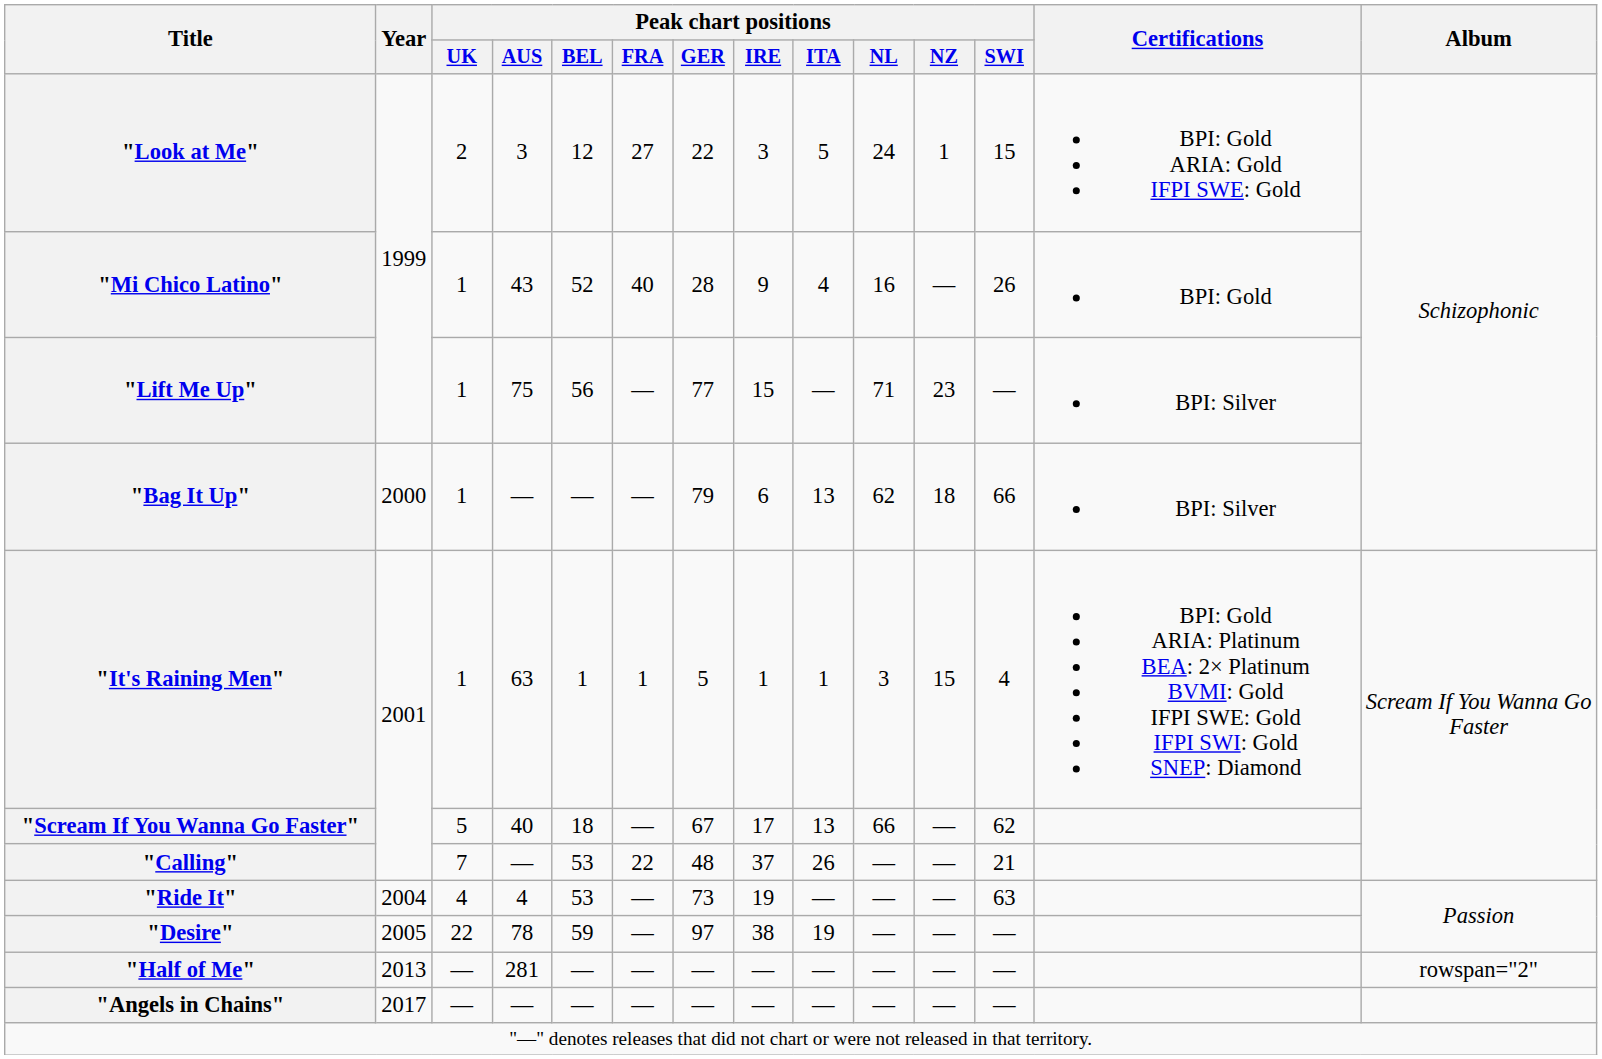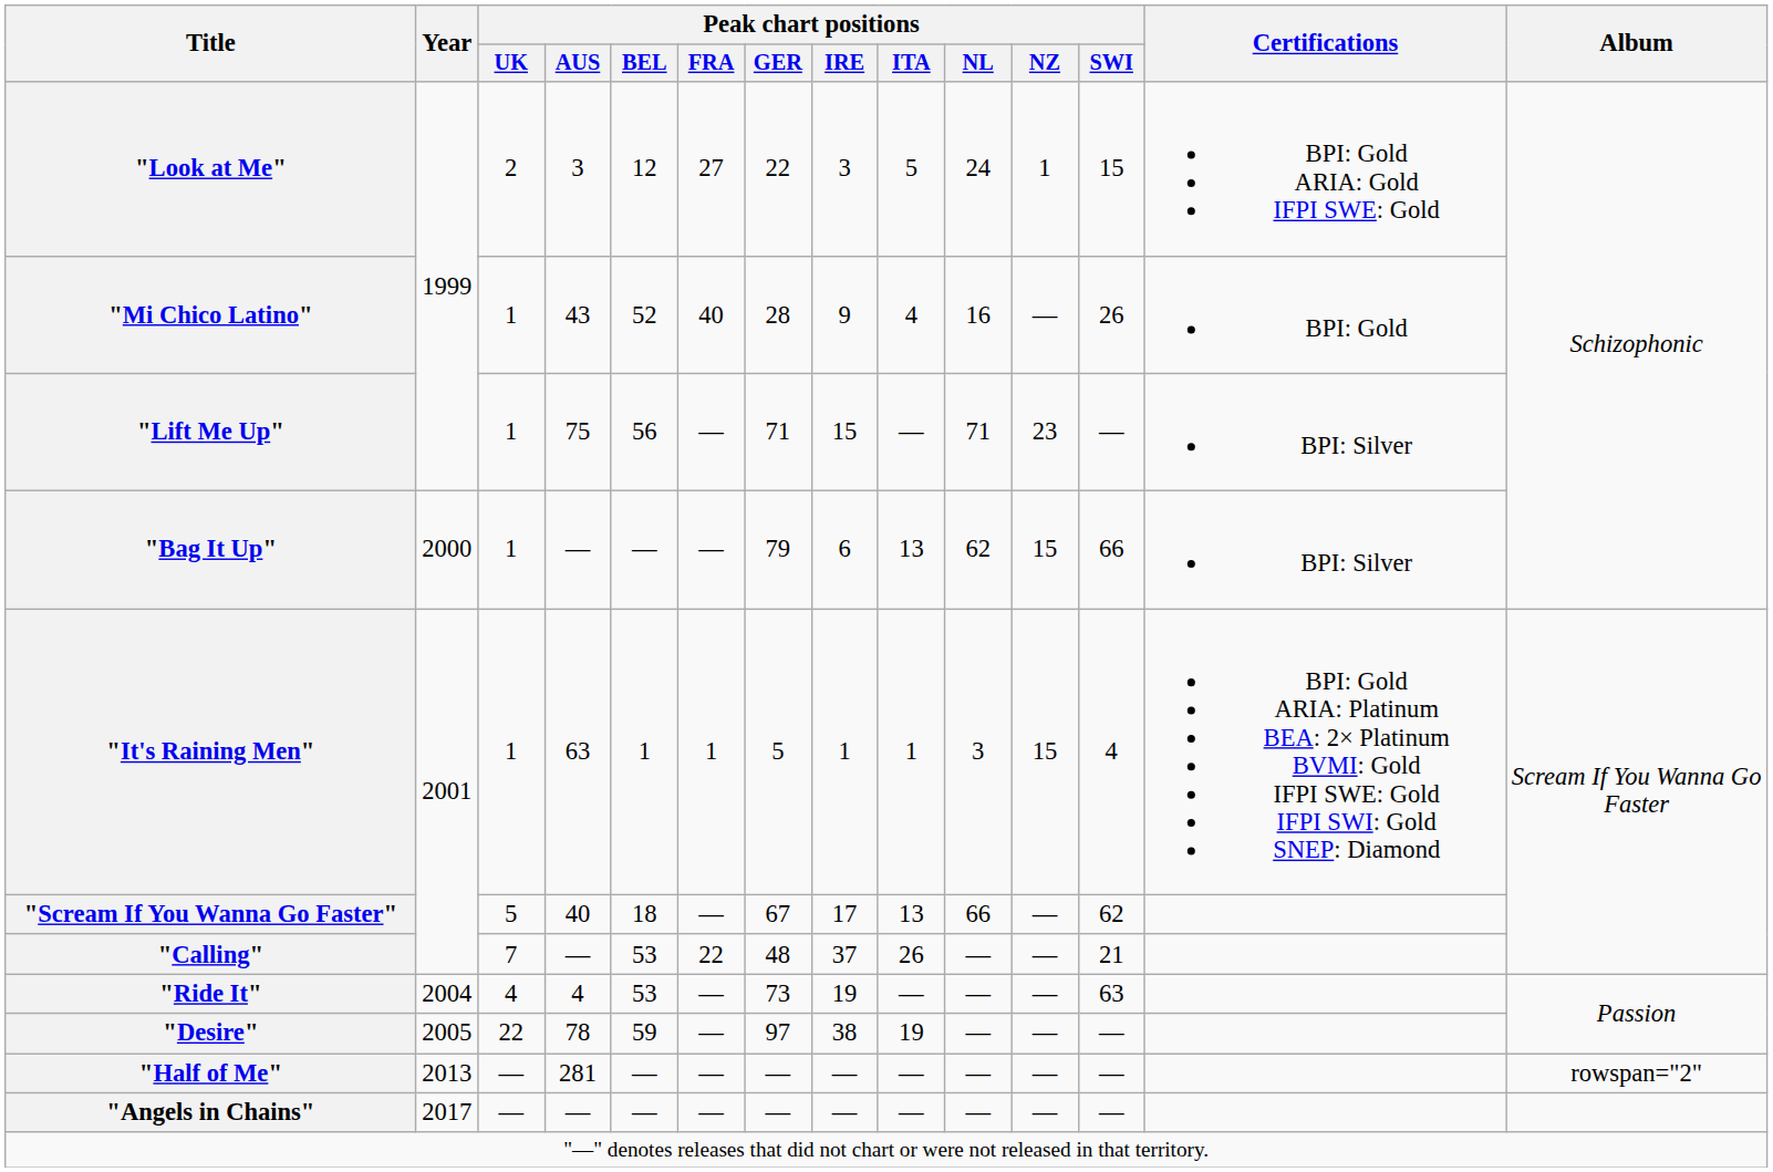 <table class="wikitable plainrowheaders" style="text-align:center;" border="1">
 <tr>
 <th scope="col" rowspan="2" style="width:16em;">Title</th>
 <th scope="col" rowspan="2" style="width:1em;">Year</th>
 <th scope="col" colspan="10">Peak chart positions</th>
 <th scope="col" rowspan="2" style="width:14em;"><a href='#'>Certifications</a></th>
 <th scope="col" rowspan="2" style="width:10em;">Album</th>
 </tr>
 <tr>
 <th scope="col" style="width:2.5em;font-size:90%;"><a href='#'>UK</a><br></th>
 <th scope="col" style="width:2.5em;font-size:90%;"><a href='#'>AUS</a><br></th>
 <th scope="col" style="width:2.5em;font-size:90%;"><a href='#'>BEL</a><br></th>
 <th scope="col" style="width:2.5em;font-size:90%;"><a href='#'>FRA</a><br></th>
 <th scope="col" style="width:2.5em;font-size:90%;"><a href='#'>GER</a><br></th>
 <th scope="col" style="width:2.5em;font-size:90%;"><a href='#'>IRE</a><br></th>
 <th scope="col" style="width:2.5em;font-size:90%;"><a href='#'>ITA</a><br></th>
 <th scope="col" style="width:2.5em;font-size:90%;"><a href='#'>NL</a><br></th>
 <th scope="col" style="width:2.5em;font-size:90%;"><a href='#'>NZ</a><br></th>
 <th scope="col" style="width:2.5em;font-size:90%;"><a href='#'>SWI</a><br></th>
 </tr>
 <tr>
 <th scope="row">"<a href='#'>Look at Me</a>"</th>
 <td rowspan="3">1999</td>
 <td>2</td>
 <td>3</td>
 <td>12</td>
 <td>27</td>
 <td>22</td>
 <td>3</td>
 <td>5</td>
 <td>24</td>
 <td>1</td>
 <td>15</td>
 <td><br><ul><li>BPI: Gold</li><li>ARIA: Gold</li><li><a href='#'>IFPI SWE</a>: Gold</li></ul></td>
 <td rowspan="4"><em>Schizophonic</em></td>
 </tr>
 <tr>
 <th scope="row">"<a href='#'>Mi Chico Latino</a>"</th>
 <td>1</td>
 <td>43</td>
 <td>52</td>
 <td>40</td>
 <td>28</td>
 <td>9</td>
 <td>4</td>
 <td>16</td>
 <td>—</td>
 <td>26</td>
 <td><br><ul><li>BPI: Gold</li></ul></td>
 </tr>
 <tr>
 <th scope="row">"<a href='#'>Lift Me Up</a>"</th>
 <td>1</td>
 <td>75</td>
 <td>56</td>
 <td>—</td>
-<td>77</td>
+<td>71</td>
 <td>15</td>
 <td>—</td>
 <td>71</td>
 <td>23</td>
 <td>—</td>
 <td><br><ul><li>BPI: Silver</li></ul></td>
 </tr>
 <tr>
 <th scope="row">"<a href='#'>Bag It Up</a>"</th>
 <td>2000</td>
 <td>1</td>
 <td>—</td>
 <td>—</td>
 <td>—</td>
 <td>79</td>
 <td>6</td>
 <td>13</td>
 <td>62</td>
-<td>18</td>
+<td>15</td>
 <td>66</td>
 <td><br><ul><li>BPI: Silver</li></ul></td>
 </tr>
 <tr>
 <th scope="row">"<a href='#'>It's Raining Men</a>"</th>
 <td rowspan="3">2001</td>
 <td>1</td>
 <td>63</td>
 <td>1</td>
 <td>1</td>
 <td>5</td>
 <td>1</td>
 <td>1</td>
 <td>3</td>
 <td>15</td>
 <td>4</td>
 <td><br><ul><li>BPI: Gold</li><li>ARIA: Platinum</li><li><a href='#'>BEA</a>: 2× Platinum</li><li><a href='#'>BVMI</a>: Gold</li><li>IFPI SWE: Gold</li><li><a href='#'>IFPI SWI</a>: Gold</li><li><a href='#'>SNEP</a>: Diamond</li></ul></td>
 <td rowspan="3"><em>Scream If You Wanna Go Faster</em></td>
 </tr>
 <tr>
 <th scope="row">"<a href='#'>Scream If You Wanna Go Faster</a>"</th>
 <td>5</td>
 <td>40</td>
 <td>18</td>
 <td>—</td>
 <td>67</td>
 <td>17</td>
 <td>13</td>
 <td>66</td>
 <td>—</td>
 <td>62</td>
 <td></td>
 </tr>
 <tr>
 <th scope="row">"<a href='#'>Calling</a>"</th>
 <td>7</td>
 <td>—</td>
 <td>53</td>
 <td>22</td>
 <td>48</td>
 <td>37</td>
 <td>26</td>
 <td>—</td>
 <td>—</td>
 <td>21</td>
 <td></td>
 </tr>
 <tr>
 <th scope="row">"<a href='#'>Ride It</a>"</th>
 <td>2004</td>
 <td>4</td>
 <td>4</td>
 <td>53</td>
 <td>—</td>
 <td>73</td>
 <td>19</td>
 <td>—</td>
 <td>—</td>
 <td>—</td>
 <td>63</td>
 <td></td>
 <td rowspan="2"><em>Passion</em></td>
 </tr>
 <tr>
 <th scope="row">"<a href='#'>Desire</a>"</th>
 <td>2005</td>
 <td>22</td>
 <td>78</td>
 <td>59</td>
 <td>—</td>
 <td>97</td>
 <td>38</td>
 <td>19</td>
 <td>—</td>
 <td>—</td>
 <td>—</td>
 <td></td>
 </tr>
 <tr>
 <th scope="row">"<a href='#'>Half of Me</a>"</th>
 <td>2013</td>
 <td>—</td>
 <td>281</td>
 <td>—</td>
 <td>—</td>
 <td>—</td>
 <td>—</td>
 <td>—</td>
 <td>—</td>
 <td>—</td>
 <td>—</td>
 <td></td>
 <td>rowspan="2" </td>
 </tr>
 <tr>
 <th scope="row">"Angels in Chains"</th>
 <td>2017</td>
 <td>—</td>
 <td>—</td>
 <td>—</td>
 <td>—</td>
 <td>—</td>
 <td>—</td>
 <td>—</td>
 <td>—</td>
 <td>—</td>
 <td>—</td>
 <td></td>
 </tr>
 <tr>
 <td colspan="15" style="font-size:85%">"—" denotes releases that did not chart or were not released in that territory.</td>
 </tr>
 </table>
